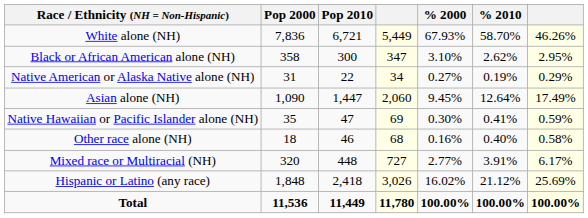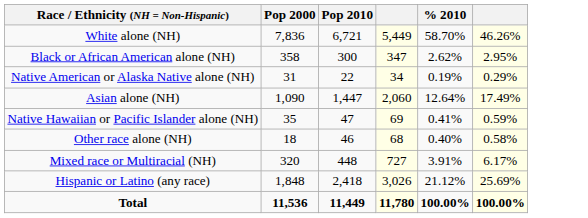 <table class="wikitable" style="text-align:center;">
 <tr>
 <th>Race / Ethnicity <small>(<em>NH = Non-Hispanic</em>)</small></th>
 <th>Pop 2000</th>
 <th>Pop 2010</th>
 <th></th>
-<th>% 2000</th>
 <th>% 2010</th>
 <th></th>
 </tr>
 <tr>
 <td><a href='#'>White</a> alone (NH)</td>
 <td>7,836</td>
 <td>6,721</td>
 <td style='background: #ffffe6;'>5,449</td>
-<td>67.93%</td>
 <td>58.70%</td>
 <td style='background: #ffffe6;'>46.26%</td>
 </tr>
 <tr>
 <td><a href='#'>Black or African American</a> alone (NH)</td>
 <td>358</td>
 <td>300</td>
 <td style='background: #ffffe6;'>347</td>
-<td>3.10%</td>
 <td>2.62%</td>
 <td style='background: #ffffe6;'>2.95%</td>
 </tr>
 <tr>
 <td><a href='#'>Native American</a> or <a href='#'>Alaska Native</a> alone (NH)</td>
 <td>31</td>
 <td>22</td>
 <td style='background: #ffffe6;'>34</td>
-<td>0.27%</td>
 <td>0.19%</td>
 <td style='background: #ffffe6;'>0.29%</td>
 </tr>
 <tr>
 <td><a href='#'>Asian</a> alone (NH)</td>
 <td>1,090</td>
 <td>1,447</td>
 <td style='background: #ffffe6;'>2,060</td>
-<td>9.45%</td>
 <td>12.64%</td>
 <td style='background: #ffffe6;'>17.49%</td>
 </tr>
 <tr>
 <td><a href='#'>Native Hawaiian</a> or <a href='#'>Pacific Islander</a> alone (NH)</td>
 <td>35</td>
 <td>47</td>
 <td style='background: #ffffe6;'>69</td>
-<td>0.30%</td>
 <td>0.41%</td>
 <td style='background: #ffffe6;'>0.59%</td>
 </tr>
 <tr>
 <td><a href='#'>Other race</a> alone (NH)</td>
 <td>18</td>
 <td>46</td>
 <td style='background: #ffffe6;'>68</td>
-<td>0.16%</td>
 <td>0.40%</td>
 <td style='background: #ffffe6;'>0.58%</td>
 </tr>
 <tr>
 <td><a href='#'>Mixed race or Multiracial</a> (NH)</td>
 <td>320</td>
 <td>448</td>
 <td style='background: #ffffe6;'>727</td>
-<td>2.77%</td>
 <td>3.91%</td>
 <td style='background: #ffffe6;'>6.17%</td>
 </tr>
 <tr>
 <td><a href='#'>Hispanic or Latino</a> (any race)</td>
 <td>1,848</td>
 <td>2,418</td>
 <td style='background: #ffffe6;'>3,026</td>
-<td>16.02%</td>
 <td>21.12%</td>
 <td style='background: #ffffe6;'>25.69%</td>
 </tr>
 <tr>
 <td><strong>Total</strong></td>
 <td><strong>11,536</strong></td>
 <td><strong>11,449</strong></td>
 <td style='background: #ffffe6;'><strong>11,780</strong></td>
 <td><strong>100.00%</strong></td>
-<td><strong>100.00%</strong></td>
 <td style='background: #ffffe6;'><strong>100.00%</strong></td>
 </tr>
 </table>
